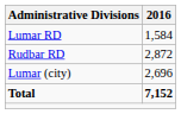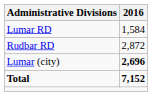 <table class="wikitable">
 <tr>
 <th>Administrative Divisions</th>
 <th>2016</th>
 </tr>
 <tr>
 <td><a href='#'>Lumar RD</a></td>
 <td style="text-align: right;">1,584</td>
 </tr>
 <tr>
 <td><a href='#'>Rudbar RD</a></td>
 <td style="text-align: right;">2,872</td>
 </tr>
 <tr>
 <td><a href='#'>Lumar</a> (city)</td>
-<td style="text-align: right;">2,696</td>
+<td style="text-align: right;"><strong>2,696</strong></td>
 </tr>
 <tr>
 <td><strong>Total</strong></td>
 <td style="text-align: right;"><strong>7,152</strong></td>
 </tr>
 <tr>
 <td colspan=2></td>
 </tr>
 </table>
